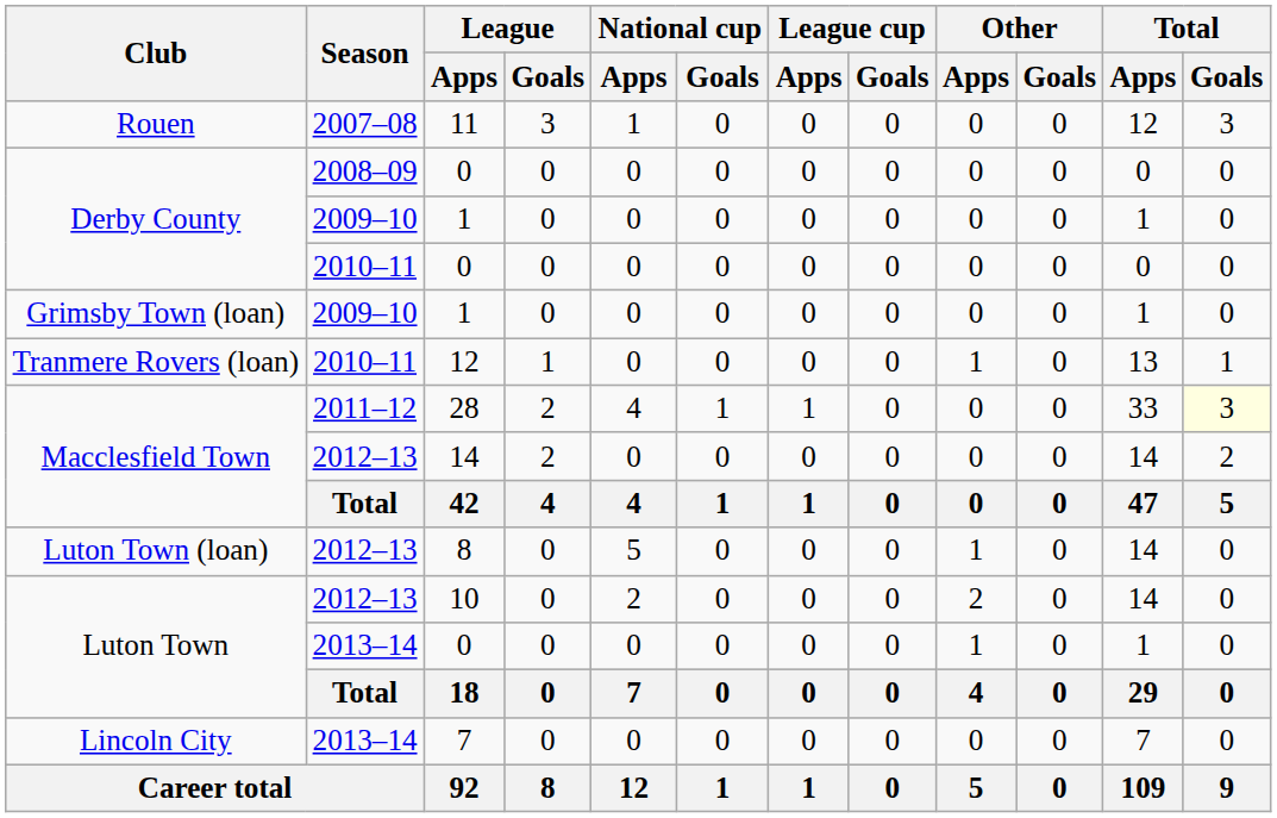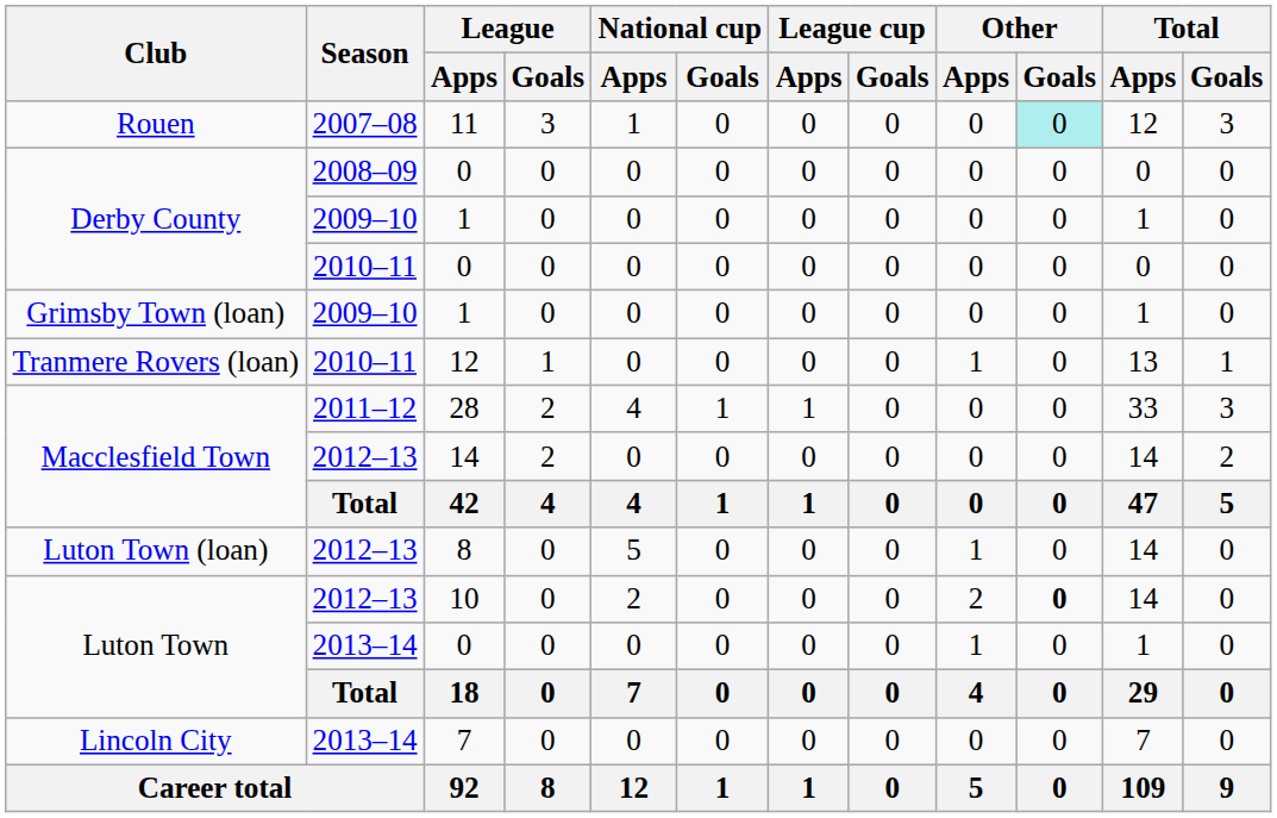 <table class="wikitable" style="text-align:center">
 <tr>
 <th rowspan="2">Club</th>
 <th rowspan="2">Season</th>
 <th colspan="2">League</th>
 <th colspan="2">National cup</th>
 <th colspan="2">League cup</th>
 <th colspan="2">Other</th>
 <th colspan="2">Total</th>
 </tr>
 <tr>
 <th>Apps</th>
 <th>Goals</th>
 <th>Apps</th>
 <th>Goals</th>
 <th>Apps</th>
 <th>Goals</th>
 <th>Apps</th>
 <th>Goals</th>
 <th>Apps</th>
 <th>Goals</th>
 </tr>
 <tr>
 <td><a href='#'>Rouen</a></td>
 <td><a href='#'>2007–08</a></td>
 <td>11</td>
 <td>3</td>
 <td>1</td>
 <td>0</td>
 <td>0</td>
 <td>0</td>
 <td>0</td>
-<td>0</td>
+<td style="background: paleturquoise;">0</td>
 <td>12</td>
 <td>3</td>
 </tr>
 <tr>
 <td rowspan="3"><a href='#'>Derby County</a></td>
 <td><a href='#'>2008–09</a></td>
 <td>0</td>
 <td>0</td>
 <td>0</td>
 <td>0</td>
 <td>0</td>
 <td>0</td>
 <td>0</td>
 <td>0</td>
 <td>0</td>
 <td>0</td>
 </tr>
 <tr>
 <td><a href='#'>2009–10</a></td>
 <td>1</td>
 <td>0</td>
 <td>0</td>
 <td>0</td>
 <td>0</td>
 <td>0</td>
 <td>0</td>
 <td>0</td>
 <td>1</td>
 <td>0</td>
 </tr>
 <tr>
 <td><a href='#'>2010–11</a></td>
 <td>0</td>
 <td>0</td>
 <td>0</td>
 <td>0</td>
 <td>0</td>
 <td>0</td>
 <td>0</td>
 <td>0</td>
 <td>0</td>
 <td>0</td>
 </tr>
 <tr>
 <td><a href='#'>Grimsby Town</a> (loan)</td>
 <td><a href='#'>2009–10</a></td>
 <td>1</td>
 <td>0</td>
 <td>0</td>
 <td>0</td>
 <td>0</td>
 <td>0</td>
 <td>0</td>
 <td>0</td>
 <td>1</td>
 <td>0</td>
 </tr>
 <tr>
 <td><a href='#'>Tranmere Rovers</a> (loan)</td>
 <td><a href='#'>2010–11</a></td>
 <td>12</td>
 <td>1</td>
 <td>0</td>
 <td>0</td>
 <td>0</td>
 <td>0</td>
 <td>1</td>
 <td>0</td>
 <td>13</td>
 <td>1</td>
 </tr>
 <tr>
 <td rowspan="3"><a href='#'>Macclesfield Town</a></td>
 <td><a href='#'>2011–12</a></td>
 <td>28</td>
 <td>2</td>
 <td>4</td>
 <td>1</td>
 <td>1</td>
 <td>0</td>
 <td>0</td>
 <td>0</td>
 <td>33</td>
-<td style="background: lightyellow;">3</td>
+<td>3</td>
 </tr>
 <tr>
 <td><a href='#'>2012–13</a></td>
 <td>14</td>
 <td>2</td>
 <td>0</td>
 <td>0</td>
 <td>0</td>
 <td>0</td>
 <td>0</td>
 <td>0</td>
 <td>14</td>
 <td>2</td>
 </tr>
 <tr>
 <th colspan="1">Total</th>
 <th>42</th>
 <th>4</th>
 <th>4</th>
 <th>1</th>
 <th>1</th>
 <th>0</th>
 <th>0</th>
 <th>0</th>
 <th>47</th>
 <th>5</th>
 </tr>
 <tr>
 <td><a href='#'>Luton Town</a> (loan)</td>
 <td><a href='#'>2012–13</a></td>
 <td>8</td>
 <td>0</td>
 <td>5</td>
 <td>0</td>
 <td>0</td>
 <td>0</td>
 <td>1</td>
 <td>0</td>
 <td>14</td>
 <td>0</td>
 </tr>
 <tr>
 <td rowspan="3">Luton Town</td>
 <td><a href='#'>2012–13</a></td>
 <td>10</td>
 <td>0</td>
 <td>2</td>
 <td>0</td>
 <td>0</td>
 <td>0</td>
 <td>2</td>
-<td>0</td>
+<td><strong>0</strong></td>
 <td>14</td>
 <td>0</td>
 </tr>
 <tr>
 <td><a href='#'>2013–14</a></td>
 <td>0</td>
 <td>0</td>
 <td>0</td>
 <td>0</td>
 <td>0</td>
 <td>0</td>
 <td>1</td>
 <td>0</td>
 <td>1</td>
 <td>0</td>
 </tr>
 <tr>
 <th colspan="1">Total</th>
 <th>18</th>
 <th>0</th>
 <th>7</th>
 <th>0</th>
 <th>0</th>
 <th>0</th>
 <th>4</th>
 <th>0</th>
 <th>29</th>
 <th>0</th>
 </tr>
 <tr>
 <td><a href='#'>Lincoln City</a></td>
 <td><a href='#'>2013–14</a></td>
 <td>7</td>
 <td>0</td>
 <td>0</td>
 <td>0</td>
 <td>0</td>
 <td>0</td>
 <td>0</td>
 <td>0</td>
 <td>7</td>
 <td>0</td>
 </tr>
 <tr>
 <th colspan="2">Career total</th>
 <th>92</th>
 <th>8</th>
 <th>12</th>
 <th>1</th>
 <th>1</th>
 <th>0</th>
 <th>5</th>
 <th>0</th>
 <th>109</th>
 <th>9</th>
 </tr>
 </table>
